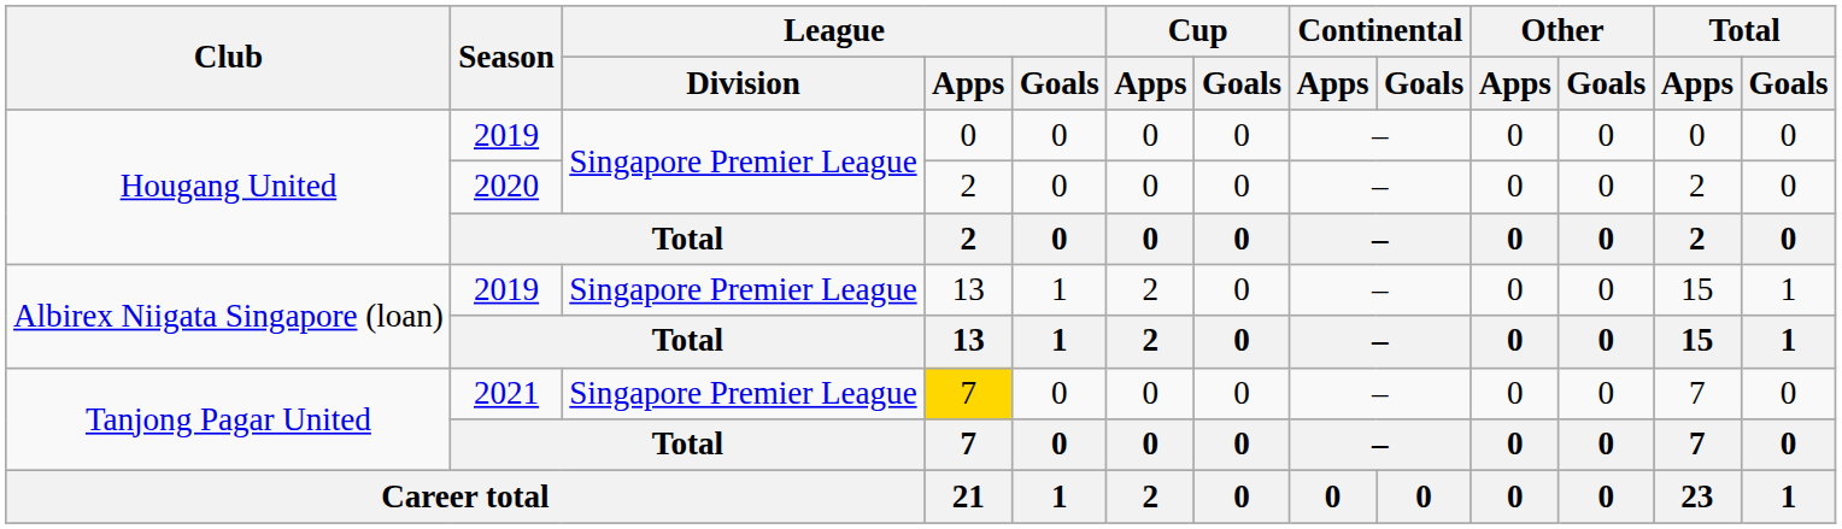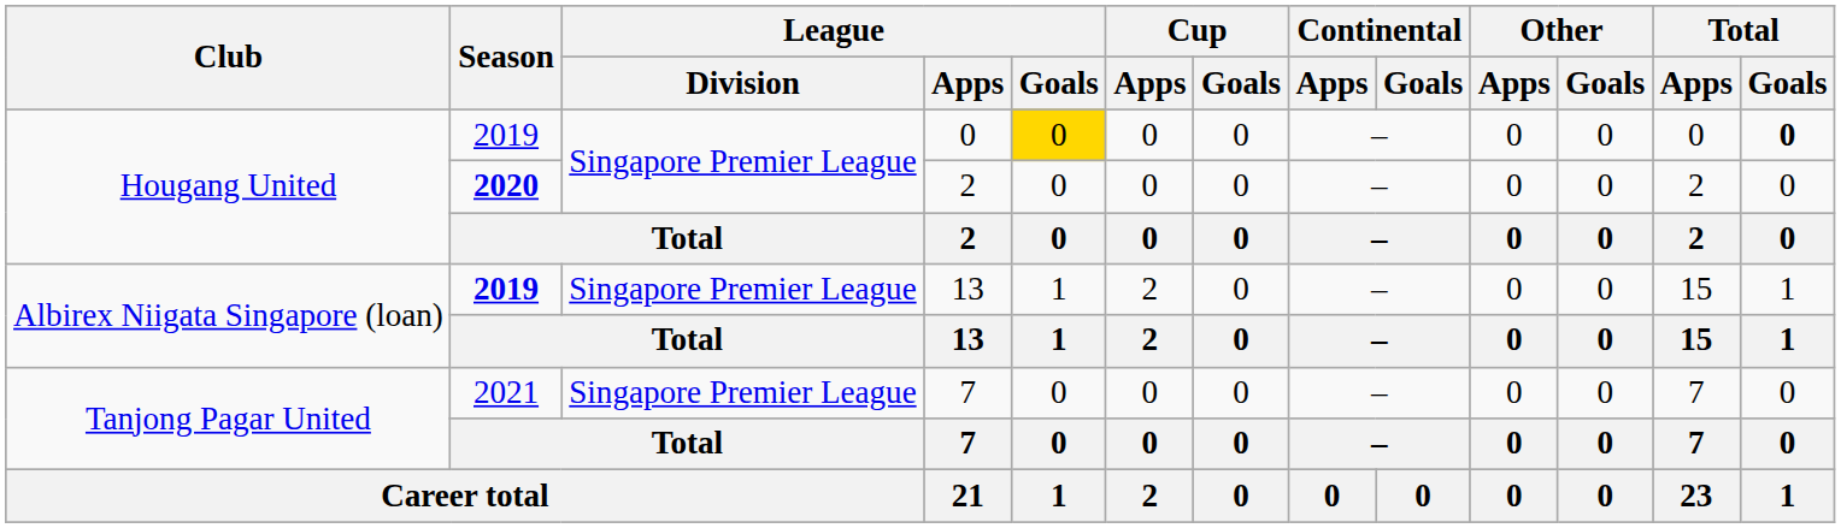 <table class="wikitable" style="text-align: center">
 <tr>
 <th rowspan="2">Club</th>
 <th rowspan="2">Season</th>
 <th colspan="3">League</th>
 <th colspan="2">Cup</th>
 <th colspan="2">Continental</th>
 <th colspan="2">Other</th>
 <th colspan="2">Total</th>
 </tr>
 <tr>
 <th>Division</th>
 <th>Apps</th>
 <th>Goals</th>
 <th>Apps</th>
 <th>Goals</th>
 <th>Apps</th>
 <th>Goals</th>
 <th>Apps</th>
 <th>Goals</th>
 <th>Apps</th>
 <th>Goals</th>
 </tr>
 <tr>
 <td rowspan="3"><a href='#'>Hougang United</a></td>
 <td><a href='#'>2019</a></td>
 <td rowspan="2"><a href='#'>Singapore Premier League</a></td>
 <td>0</td>
-<td>0</td>
+<td style="background: gold;">0</td>
 <td>0</td>
 <td>0</td>
 <td colspan="2">–</td>
 <td>0</td>
 <td>0</td>
 <td>0</td>
-<td>0</td>
+<td><strong>0</strong></td>
 </tr>
 <tr>
-<td><a href='#'>2020</a></td>
+<td><strong><a href='#'>2020</a></strong></td>
 <td>2</td>
 <td>0</td>
 <td>0</td>
 <td>0</td>
 <td colspan="2">–</td>
 <td>0</td>
 <td>0</td>
 <td>2</td>
 <td>0</td>
 </tr>
 <tr>
 <th colspan=2>Total</th>
 <th>2</th>
 <th>0</th>
 <th>0</th>
 <th>0</th>
 <th colspan="2">–</th>
 <th>0</th>
 <th>0</th>
 <th>2</th>
 <th>0</th>
 </tr>
 <tr>
 <td rowspan="2"><a href='#'>Albirex Niigata Singapore</a> (loan)</td>
-<td><a href='#'>2019</a></td>
+<td><strong><a href='#'>2019</a></strong></td>
 <td><a href='#'>Singapore Premier League</a></td>
 <td>13</td>
 <td>1</td>
 <td>2</td>
 <td>0</td>
 <td colspan="2">–</td>
 <td>0</td>
 <td>0</td>
 <td>15</td>
 <td>1</td>
 </tr>
 <tr>
 <th colspan=2>Total</th>
 <th>13</th>
 <th>1</th>
 <th>2</th>
 <th>0</th>
 <th colspan="2">–</th>
 <th>0</th>
 <th>0</th>
 <th>15</th>
 <th>1</th>
 </tr>
 <tr>
 <td rowspan="2"><a href='#'>Tanjong Pagar United</a></td>
 <td><a href='#'>2021</a></td>
 <td><a href='#'>Singapore Premier League</a></td>
-<td style="background: gold;">7</td>
+<td>7</td>
 <td>0</td>
 <td>0</td>
 <td>0</td>
 <td colspan="2">–</td>
 <td>0</td>
 <td>0</td>
 <td>7</td>
 <td>0</td>
 </tr>
 <tr>
 <th colspan=2>Total</th>
 <th>7</th>
 <th>0</th>
 <th>0</th>
 <th>0</th>
 <th colspan="2">–</th>
 <th>0</th>
 <th>0</th>
 <th>7</th>
 <th>0</th>
 </tr>
 <tr>
 <th colspan=3>Career total</th>
 <th>21</th>
 <th>1</th>
 <th>2</th>
 <th>0</th>
 <th>0</th>
 <th>0</th>
 <th>0</th>
 <th>0</th>
 <th>23</th>
 <th>1</th>
 </tr>
 </table>
